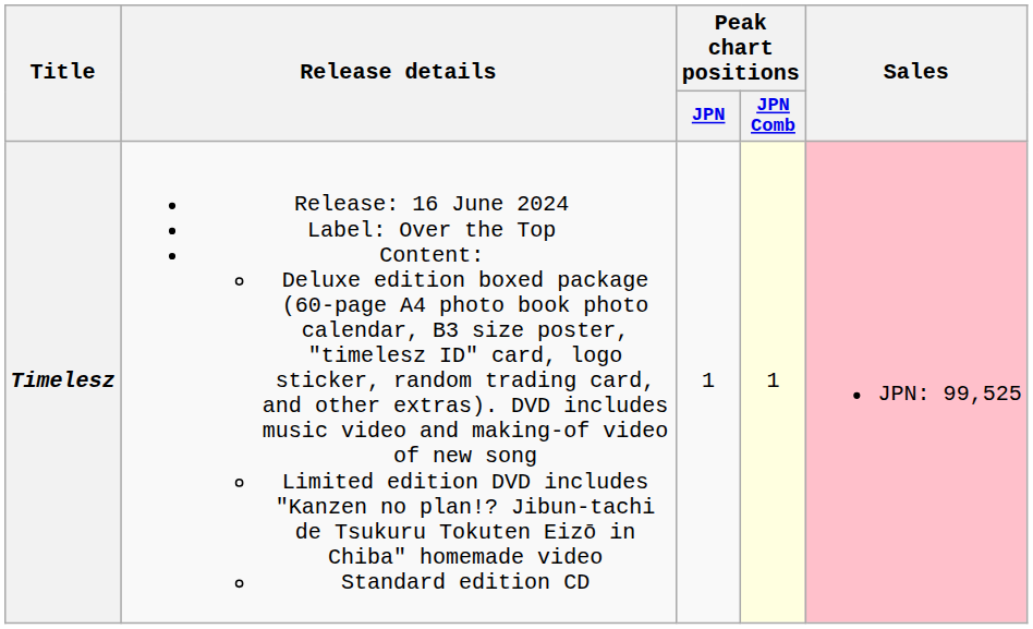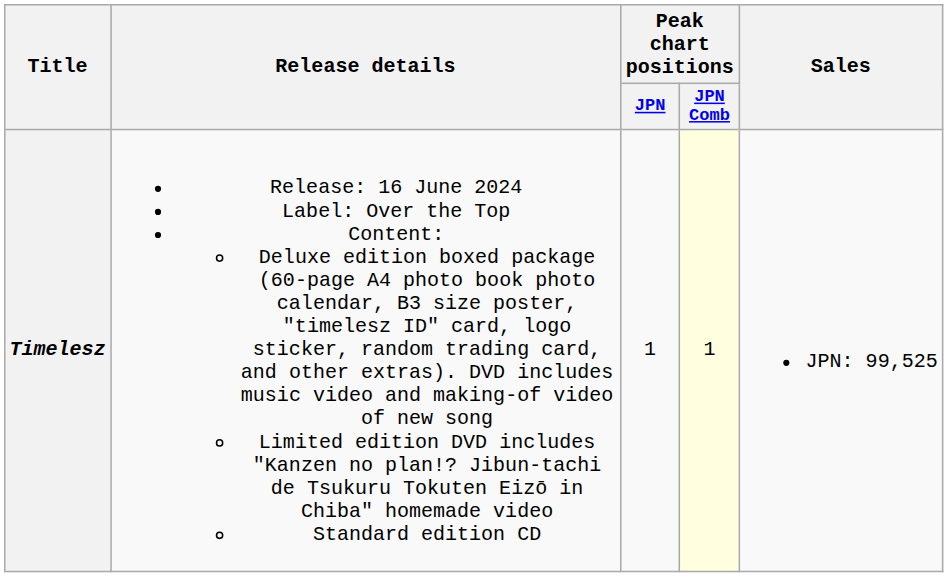 <table class="wikitable plainrowheaders" style="text-align:center;">
 <tr>
 <th scope="col" rowspan="2">Title</th>
 <th scope="col" rowspan="2" style="width:25em;">Release details</th>
 <th scope="col" colspan="2">Peak chart positions</th>
 <th scope="col" rowspan="2">Sales</th>
 </tr>
 <tr>
 <th scope="col" style="width:3em;font-size:85%;"><a href='#'>JPN</a><br></th>
 <th scope="col" style="width:3em;font-size:85%;"><a href='#'>JPN<br>Comb</a><br></th>
 </tr>
 <tr>
 <th scope="row"><em>Timelesz</em></th>
 <td><br><ul><li>Release: 16 June 2024</li><li>Label: Over the Top</li><li>Content:<ul><li>Deluxe edition boxed package (60-page A4 photo book photo calendar, B3 size poster, "timelesz ID" card, logo sticker, random trading card, and other extras). DVD includes music video and making-of video of new song</li><li>Limited edition DVD includes "Kanzen no plan!? Jibun-tachi de Tsukuru Tokuten Eizō in Chiba" homemade video</li><li>Standard edition CD</li></ul></li></ul></td>
 <td>1</td>
 <td style="background: lightyellow;">1</td>
-<td style="background: pink;"><br><ul><li>JPN: 99,525</li></ul></td>
+<td><br><ul><li>JPN: 99,525</li></ul></td>
 </tr>
 </table>
